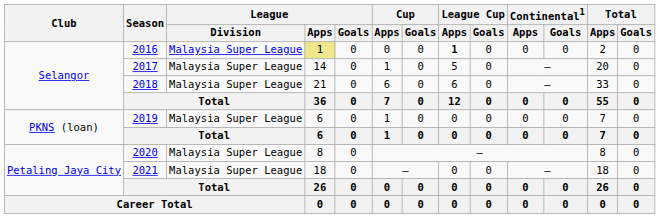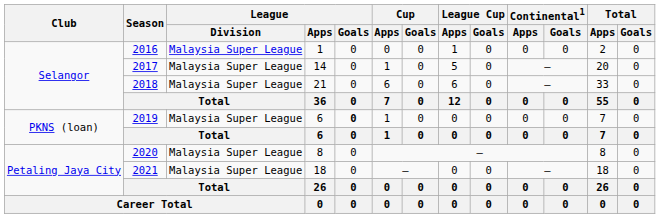 <table class=wikitable style="text-align:center">
 <tr>
 <th rowspan=2>Club</th>
 <th rowspan=2>Season</th>
 <th colspan=3>League</th>
 <th colspan=2>Cup</th>
 <th colspan=2>League Cup</th>
 <th colspan=2>Continental<sup>1</sup></th>
 <th colspan=2>Total</th>
 </tr>
 <tr>
 <th>Division</th>
 <th>Apps</th>
 <th>Goals</th>
 <th>Apps</th>
 <th>Goals</th>
 <th>Apps</th>
 <th>Goals</th>
 <th>Apps</th>
 <th>Goals</th>
 <th>Apps</th>
 <th>Goals</th>
 </tr>
 <tr>
 <td rowspan=4><a href='#'>Selangor</a></td>
 <td><a href='#'>2016</a></td>
 <td><a href='#'>Malaysia Super League</a></td>
-<td style="background: khaki;">1</td>
+<td>1</td>
 <td>0</td>
 <td>0</td>
 <td>0</td>
-<td><strong>1</strong></td>
+<td>1</td>
 <td>0</td>
 <td>0</td>
 <td>0</td>
 <td>2</td>
 <td>0</td>
 </tr>
 <tr>
 <td><a href='#'>2017</a></td>
 <td>Malaysia Super League</td>
 <td>14</td>
 <td>0</td>
 <td>1</td>
 <td>0</td>
 <td>5</td>
 <td>0</td>
 <td colspan=2>–</td>
 <td>20</td>
 <td>0</td>
 </tr>
 <tr>
 <td><a href='#'>2018</a></td>
 <td>Malaysia Super League</td>
 <td>21</td>
 <td>0</td>
 <td>6</td>
 <td>0</td>
 <td>6</td>
 <td>0</td>
 <td colspan=2>–</td>
 <td>33</td>
 <td>0</td>
 </tr>
 <tr>
 <th colspan="2">Total</th>
 <th>36</th>
 <th>0</th>
 <th>7</th>
 <th>0</th>
 <th>12</th>
 <th>0</th>
 <th>0</th>
 <th>0</th>
 <th>55</th>
 <th>0</th>
 </tr>
 <tr>
 <td rowspan=2><a href='#'>PKNS</a> (loan)</td>
 <td><a href='#'>2019</a></td>
 <td>Malaysia Super League</td>
 <td>6</td>
-<td>0</td>
+<td><strong>0</strong></td>
 <td>1</td>
 <td>0</td>
 <td>0</td>
 <td>0</td>
 <td>0</td>
 <td>0</td>
 <td>7</td>
 <td>0</td>
 </tr>
 <tr>
 <th colspan="2">Total</th>
 <th>6</th>
 <th>0</th>
 <th>1</th>
 <th>0</th>
 <th>0</th>
 <th>0</th>
 <th>0</th>
 <th>0</th>
 <th>7</th>
 <th>0</th>
 </tr>
 <tr>
 <td rowspan=3><a href='#'>Petaling Jaya City</a></td>
 <td><a href='#'>2020</a></td>
 <td>Malaysia Super League</td>
 <td>8</td>
 <td>0</td>
 <td colspan=6>–</td>
 <td>8</td>
 <td>0</td>
 </tr>
 <tr>
 <td><a href='#'>2021</a></td>
 <td>Malaysia Super League</td>
 <td>18</td>
 <td>0</td>
 <td colspan=2>–</td>
 <td>0</td>
 <td>0</td>
 <td colspan=2>–</td>
 <td>18</td>
 <td>0</td>
 </tr>
 <tr>
 <th colspan="2">Total</th>
 <th>26</th>
 <th>0</th>
 <th>0</th>
 <th>0</th>
 <th>0</th>
 <th>0</th>
 <th>0</th>
 <th>0</th>
 <th>26</th>
 <th>0</th>
 </tr>
 <tr>
 <th colspan="3">Career Total</th>
 <th>0</th>
 <th>0</th>
 <th>0</th>
 <th>0</th>
 <th>0</th>
 <th>0</th>
 <th>0</th>
 <th>0</th>
 <th>0</th>
 <th>0</th>
 </tr>
 </table>
